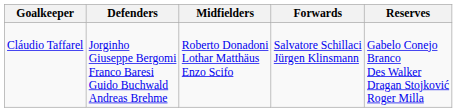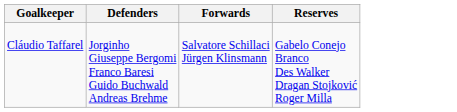 <table class="wikitable">
 <tr>
 <th>Goalkeeper</th>
 <th>Defenders</th>
-<th>Midfielders</th>
 <th>Forwards</th>
 <th>Reserves</th>
 </tr>
 <tr>
 <td align=left valign=top><br> <a href='#'>Cláudio Taffarel</a></td>
 <td align=left valign=top><br> <a href='#'>Jorginho</a> <br>  <a href='#'>Giuseppe Bergomi</a> <br>  <a href='#'>Franco Baresi</a> <br>  <a href='#'>Guido Buchwald</a> <br>  <a href='#'>Andreas Brehme</a></td>
-<td align=left valign=top><br> <a href='#'>Roberto Donadoni</a> <br>  <a href='#'>Lothar Matthäus</a> <br>  <a href='#'>Enzo Scifo</a> <br></td>
 <td align=left valign=top><br> <a href='#'>Salvatore Schillaci</a> <br>  <a href='#'>Jürgen Klinsmann</a> <br></td>
 <td align=left valign=top><br> <a href='#'>Gabelo Conejo</a> <br>  <a href='#'>Branco</a> <br>  <a href='#'>Des Walker</a> <br>  <a href='#'>Dragan Stojković</a> <br>  <a href='#'>Roger Milla</a></td>
 </tr>
 </table>
